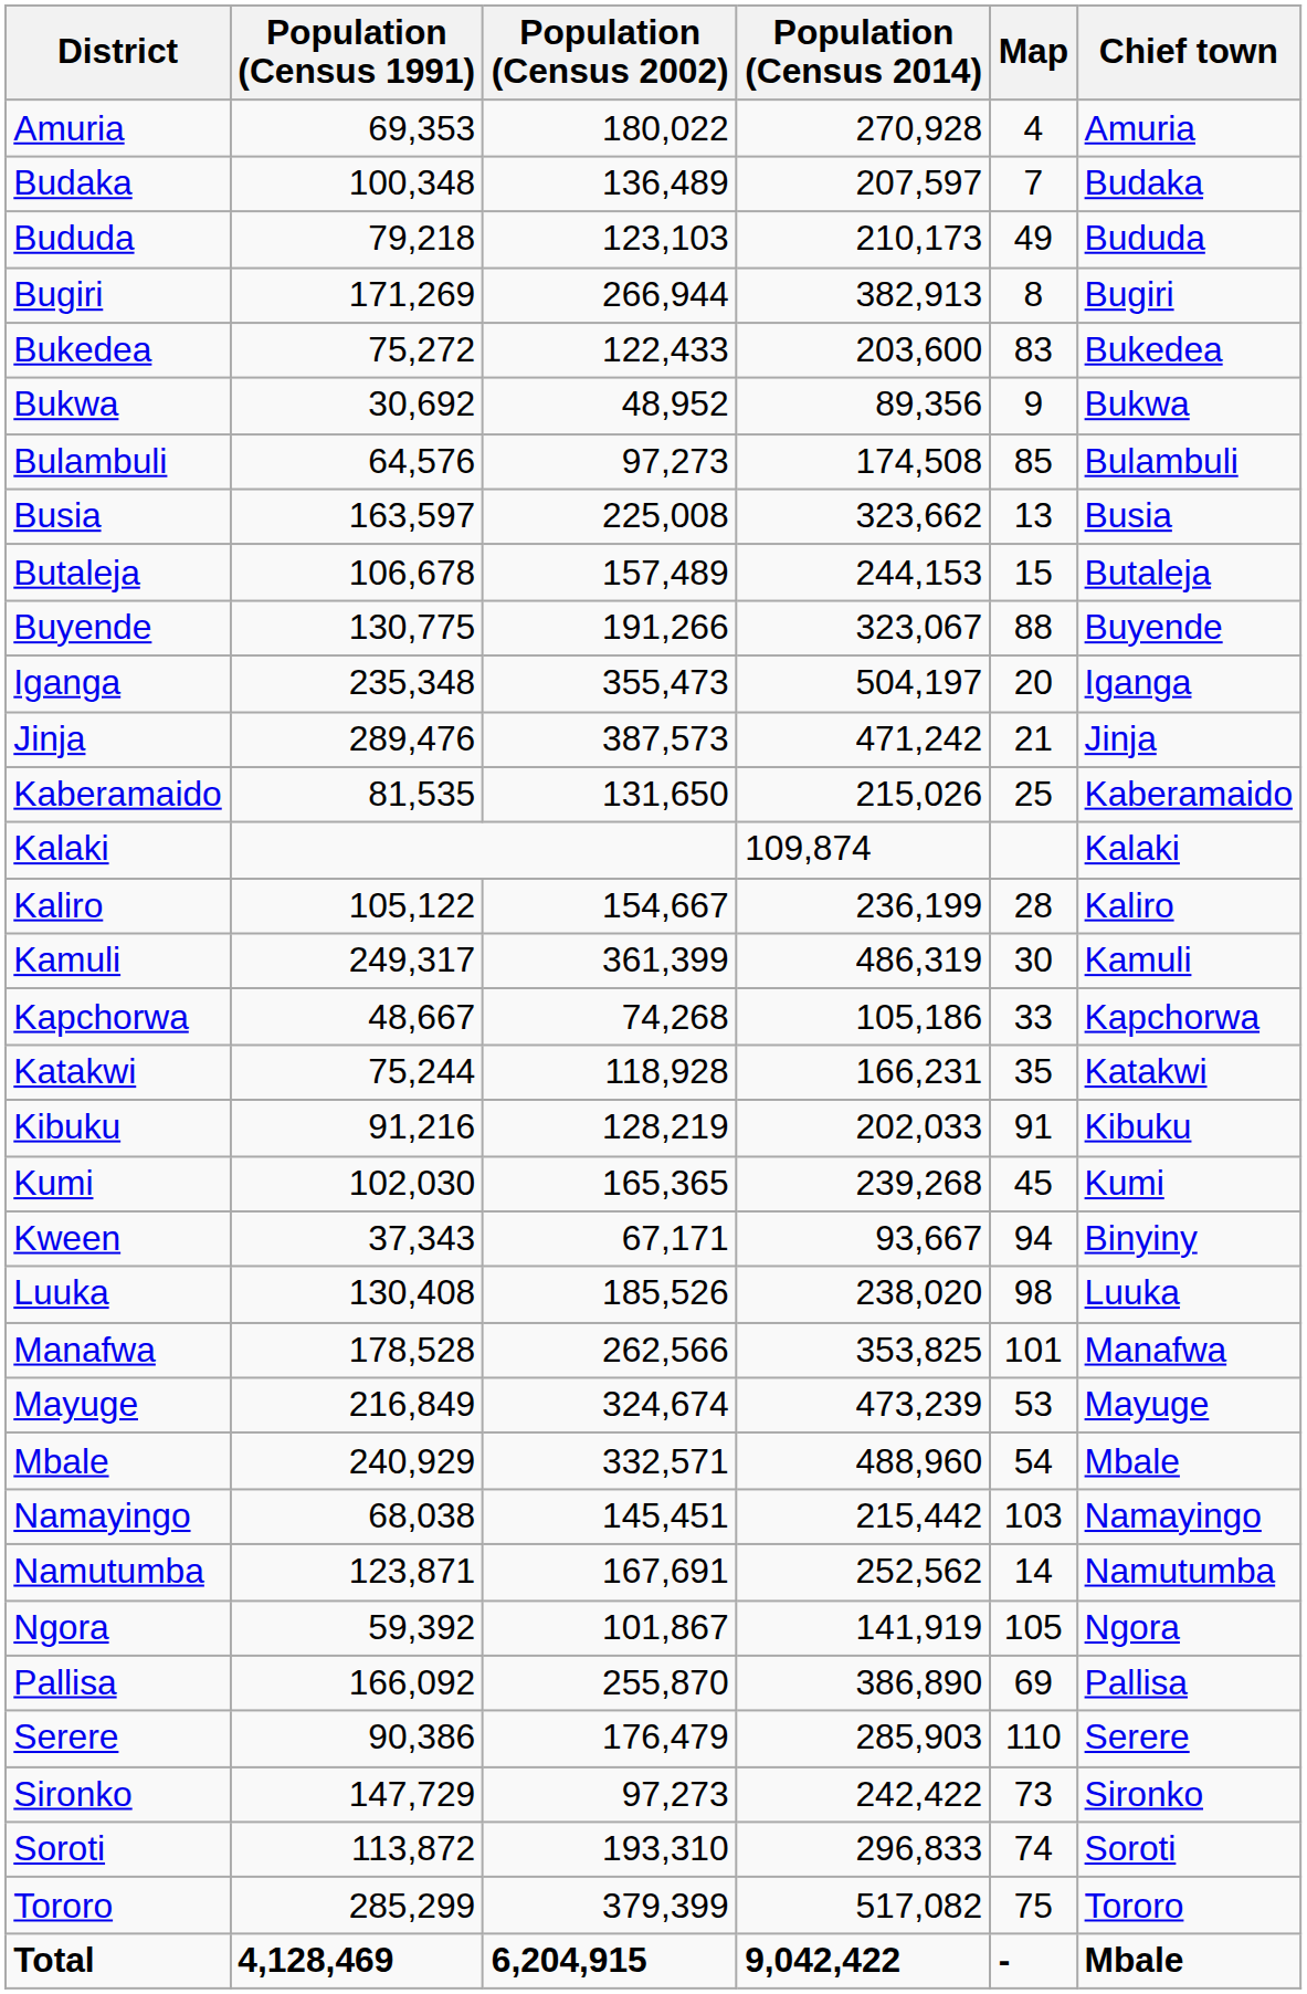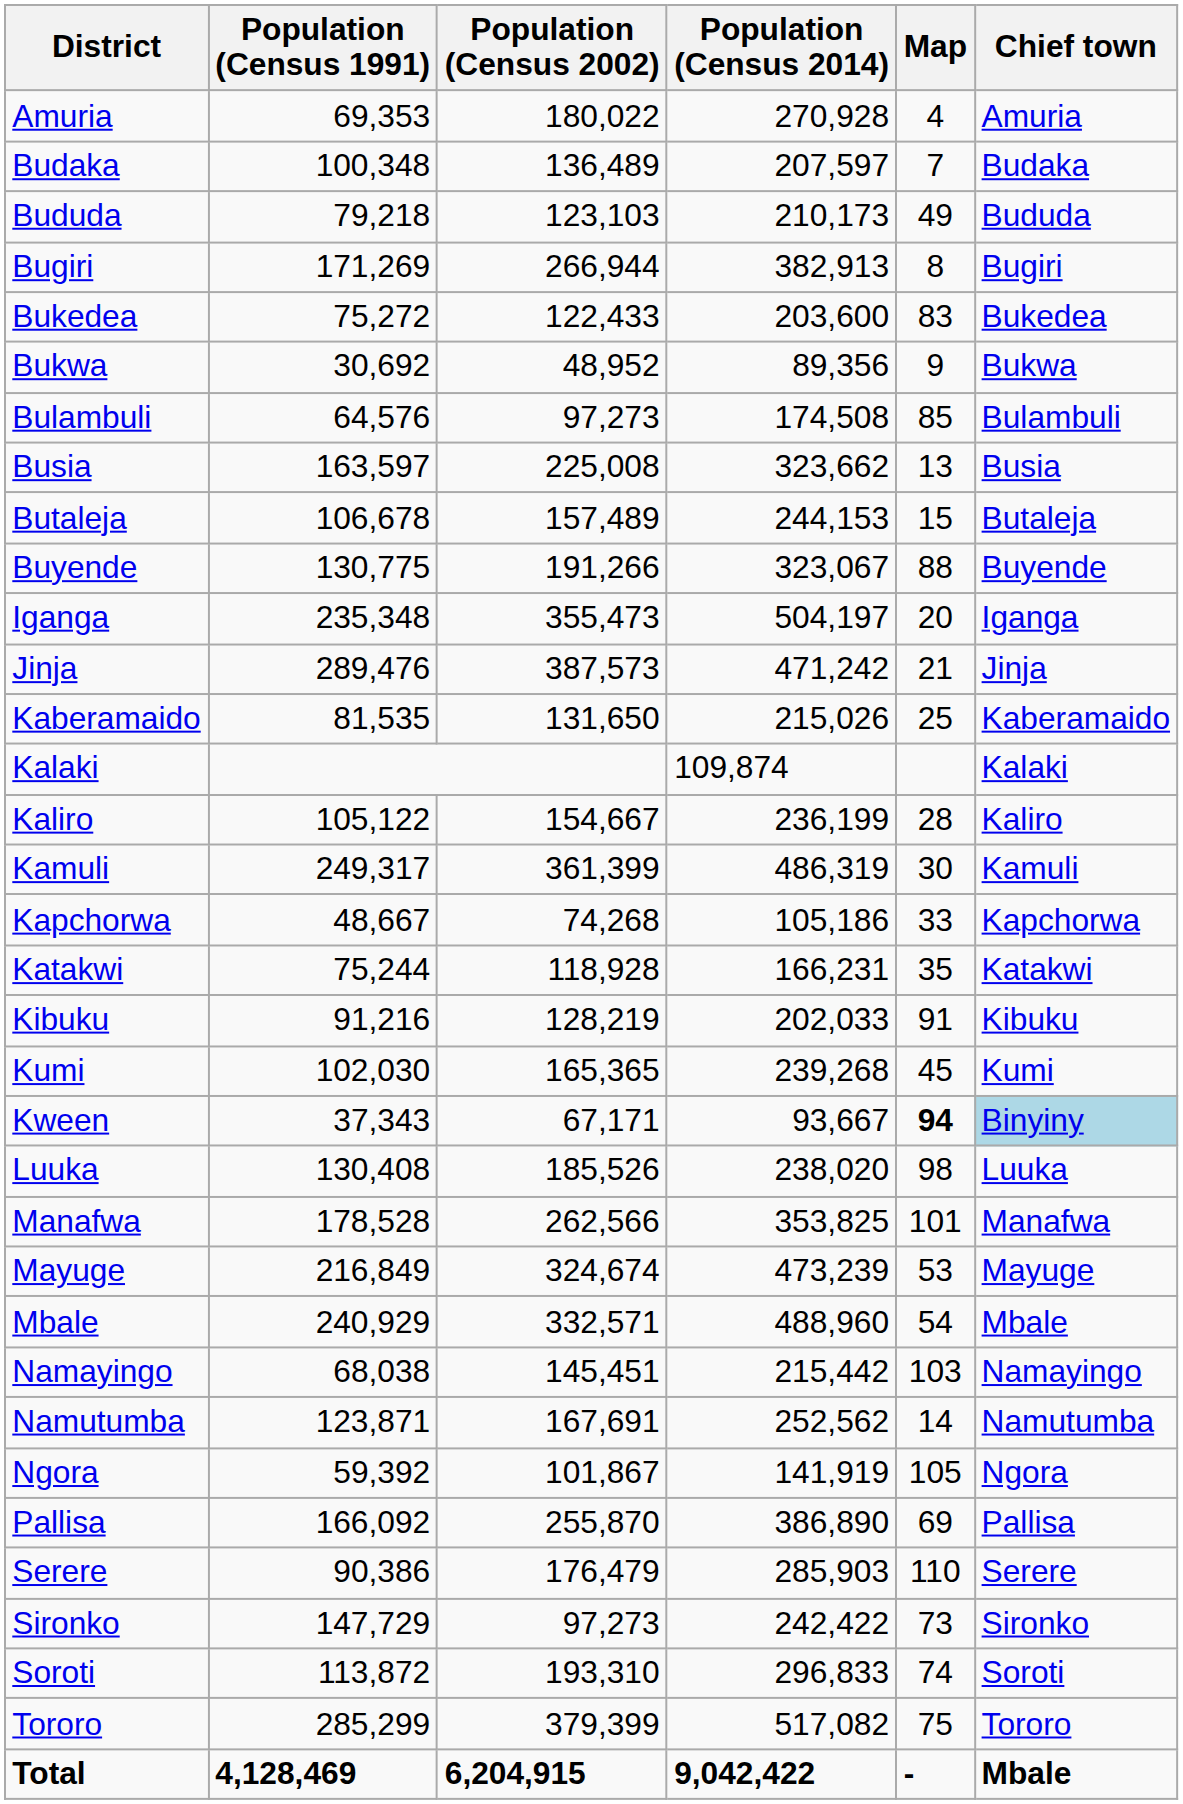 <table class="wikitable sortable">
 <tr>
 <th>District</th>
 <th>Population<br>(Census 1991)</th>
 <th>Population<br>(Census 2002)</th>
 <th>Population<br>(Census 2014)</th>
 <th>Map</th>
 <th>Chief town</th>
 </tr>
 <tr>
 <td><a href='#'>Amuria</a></td>
 <td align=right>69,353</td>
 <td align=right>180,022</td>
 <td align=right>270,928</td>
 <td align=center>4</td>
 <td><a href='#'>Amuria</a></td>
 </tr>
 <tr>
 <td><a href='#'>Budaka</a></td>
 <td align=right>100,348</td>
 <td align=right>136,489</td>
 <td align=right>207,597</td>
 <td align=center>7</td>
 <td><a href='#'>Budaka</a></td>
 </tr>
 <tr>
 <td><a href='#'>Bududa</a></td>
 <td align=right>79,218</td>
 <td align=right>123,103</td>
 <td align=right>210,173</td>
 <td align=center>49</td>
 <td><a href='#'>Bududa</a></td>
 </tr>
 <tr>
 <td><a href='#'>Bugiri</a></td>
 <td align=right>171,269</td>
 <td align=right>266,944</td>
 <td align=right>382,913</td>
 <td align=center>8</td>
 <td><a href='#'>Bugiri</a></td>
 </tr>
 <tr>
 <td><a href='#'>Bukedea</a></td>
 <td align=right>75,272</td>
 <td align=right>122,433</td>
 <td align=right>203,600</td>
 <td align=center>83</td>
 <td><a href='#'>Bukedea</a></td>
 </tr>
 <tr>
 <td><a href='#'>Bukwa</a></td>
 <td align=right>30,692</td>
 <td align=right>48,952</td>
 <td align=right>89,356</td>
 <td align=center>9</td>
 <td><a href='#'>Bukwa</a></td>
 </tr>
 <tr>
 <td><a href='#'>Bulambuli</a></td>
 <td align=right>64,576</td>
 <td align=right>97,273</td>
 <td align=right>174,508</td>
 <td align=center>85</td>
 <td><a href='#'>Bulambuli</a></td>
 </tr>
 <tr>
 <td><a href='#'>Busia</a></td>
 <td align=right>163,597</td>
 <td align=right>225,008</td>
 <td align=right>323,662</td>
 <td align=center>13</td>
 <td><a href='#'>Busia</a></td>
 </tr>
 <tr>
 <td><a href='#'>Butaleja</a></td>
 <td align=right>106,678</td>
 <td align=right>157,489</td>
 <td align=right>244,153</td>
 <td align=center>15</td>
 <td><a href='#'>Butaleja</a></td>
 </tr>
 <tr>
 <td><a href='#'>Buyende</a></td>
 <td align=right>130,775</td>
 <td align=right>191,266</td>
 <td align=right>323,067</td>
 <td align=center>88</td>
 <td><a href='#'>Buyende</a></td>
 </tr>
 <tr>
 <td><a href='#'>Iganga</a></td>
 <td align=right>235,348</td>
 <td align=right>355,473</td>
 <td align=right>504,197</td>
 <td align=center>20</td>
 <td><a href='#'>Iganga</a></td>
 </tr>
 <tr>
 <td><a href='#'>Jinja</a></td>
 <td align=right>289,476</td>
 <td align=right>387,573</td>
 <td align=right>471,242</td>
 <td align=center>21</td>
 <td><a href='#'>Jinja</a></td>
 </tr>
 <tr>
 <td><a href='#'>Kaberamaido</a></td>
 <td align=right>81,535</td>
 <td align=right>131,650</td>
 <td align=right>215,026</td>
 <td align=center>25</td>
 <td><a href='#'>Kaberamaido</a></td>
 </tr>
 <tr>
 <td><a href='#'>Kalaki</a></td>
 <td colspan="2"></td>
 <td>109,874</td>
 <td></td>
 <td><a href='#'>Kalaki</a></td>
 </tr>
 <tr>
 <td><a href='#'>Kaliro</a></td>
 <td align=right>105,122</td>
 <td align=right>154,667</td>
 <td align=right>236,199</td>
 <td align=center>28</td>
 <td><a href='#'>Kaliro</a></td>
 </tr>
 <tr>
 <td><a href='#'>Kamuli</a></td>
 <td align=right>249,317</td>
 <td align=right>361,399</td>
 <td align=right>486,319</td>
 <td align=center>30</td>
 <td><a href='#'>Kamuli</a></td>
 </tr>
 <tr>
 <td><a href='#'>Kapchorwa</a></td>
 <td align=right>48,667</td>
 <td align=right>74,268</td>
 <td align=right>105,186</td>
 <td align=center>33</td>
 <td><a href='#'>Kapchorwa</a></td>
 </tr>
 <tr>
 <td><a href='#'>Katakwi</a></td>
 <td align=right>75,244</td>
 <td align=right>118,928</td>
 <td align=right>166,231</td>
 <td align=center>35</td>
 <td><a href='#'>Katakwi</a></td>
 </tr>
 <tr>
 <td><a href='#'>Kibuku</a></td>
 <td align=right>91,216</td>
 <td align=right>128,219</td>
 <td align=right>202,033</td>
 <td align=center>91</td>
 <td><a href='#'>Kibuku</a></td>
 </tr>
 <tr>
 <td><a href='#'>Kumi</a></td>
 <td align=right>102,030</td>
 <td align=right>165,365</td>
 <td align=right>239,268</td>
 <td align=center>45</td>
 <td><a href='#'>Kumi</a></td>
 </tr>
 <tr>
 <td><a href='#'>Kween</a></td>
 <td align=right>37,343</td>
 <td align=right>67,171</td>
 <td align=right>93,667</td>
-<td align=center>94</td>
-<td><a href='#'>Binyiny</a></td>
+<td align=center><strong>94</strong></td>
+<td style="background: lightblue;"><a href='#'>Binyiny</a></td>
 </tr>
 <tr>
 <td><a href='#'>Luuka</a></td>
 <td align=right>130,408</td>
 <td align=right>185,526</td>
 <td align=right>238,020</td>
 <td align=center>98</td>
 <td><a href='#'>Luuka</a></td>
 </tr>
 <tr>
 <td><a href='#'>Manafwa</a></td>
 <td align=right>178,528</td>
 <td align=right>262,566</td>
 <td align=right>353,825</td>
 <td align=center>101</td>
 <td><a href='#'>Manafwa</a></td>
 </tr>
 <tr>
 <td><a href='#'>Mayuge</a></td>
 <td align=right>216,849</td>
 <td align=right>324,674</td>
 <td align=right>473,239</td>
 <td align=center>53</td>
 <td><a href='#'>Mayuge</a></td>
 </tr>
 <tr>
 <td><a href='#'>Mbale</a></td>
 <td align=right>240,929</td>
 <td align=right>332,571</td>
 <td align=right>488,960</td>
 <td align=center>54</td>
 <td><a href='#'>Mbale</a></td>
 </tr>
 <tr>
 <td><a href='#'>Namayingo</a></td>
 <td align=right>68,038</td>
 <td align=right>145,451</td>
 <td align=right>215,442</td>
 <td align=center>103</td>
 <td><a href='#'>Namayingo</a></td>
 </tr>
 <tr>
 <td><a href='#'>Namutumba</a></td>
 <td align=right>123,871</td>
 <td align=right>167,691</td>
 <td align=right>252,562</td>
 <td align=center>14</td>
 <td><a href='#'>Namutumba</a></td>
 </tr>
 <tr>
 <td><a href='#'>Ngora</a></td>
 <td align=right>59,392</td>
 <td align=right>101,867</td>
 <td align=right>141,919</td>
 <td align=center>105</td>
 <td><a href='#'>Ngora</a></td>
 </tr>
 <tr>
 <td><a href='#'>Pallisa</a></td>
 <td align=right>166,092</td>
 <td align=right>255,870</td>
 <td align=right>386,890</td>
 <td align=center>69</td>
 <td><a href='#'>Pallisa</a></td>
 </tr>
 <tr>
 <td><a href='#'>Serere</a></td>
 <td align=right>90,386</td>
 <td align=right>176,479</td>
 <td align=right>285,903</td>
 <td align=center>110</td>
 <td><a href='#'>Serere</a></td>
 </tr>
 <tr>
 <td><a href='#'>Sironko</a></td>
 <td align=right>147,729</td>
 <td align=right>97,273</td>
 <td align=right>242,422</td>
 <td align=center>73</td>
 <td><a href='#'>Sironko</a></td>
 </tr>
 <tr>
 <td><a href='#'>Soroti</a></td>
 <td align=right>113,872</td>
 <td align=right>193,310</td>
 <td align=right>296,833</td>
 <td align=center>74</td>
 <td><a href='#'>Soroti</a></td>
 </tr>
 <tr>
 <td><a href='#'>Tororo</a></td>
 <td align=right>285,299</td>
 <td align=right>379,399</td>
 <td align=right>517,082</td>
 <td align=center>75</td>
 <td><a href='#'>Tororo</a></td>
 </tr>
 <tr>
 <td><strong>Total</strong></td>
 <td><strong>4,128,469</strong></td>
 <td><strong>6,204,915</strong></td>
 <td><strong>9,042,422</strong></td>
 <td><strong>-</strong></td>
 <td><strong>Mbale</strong></td>
 </tr>
 </table>
